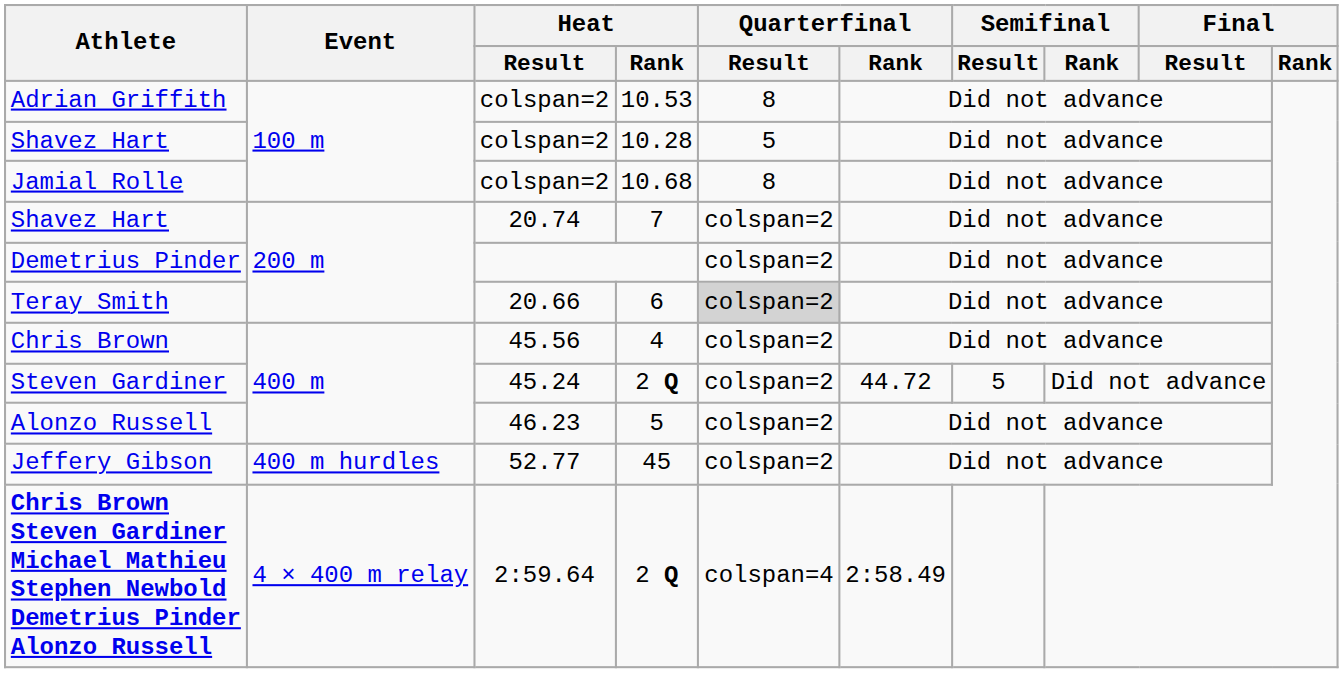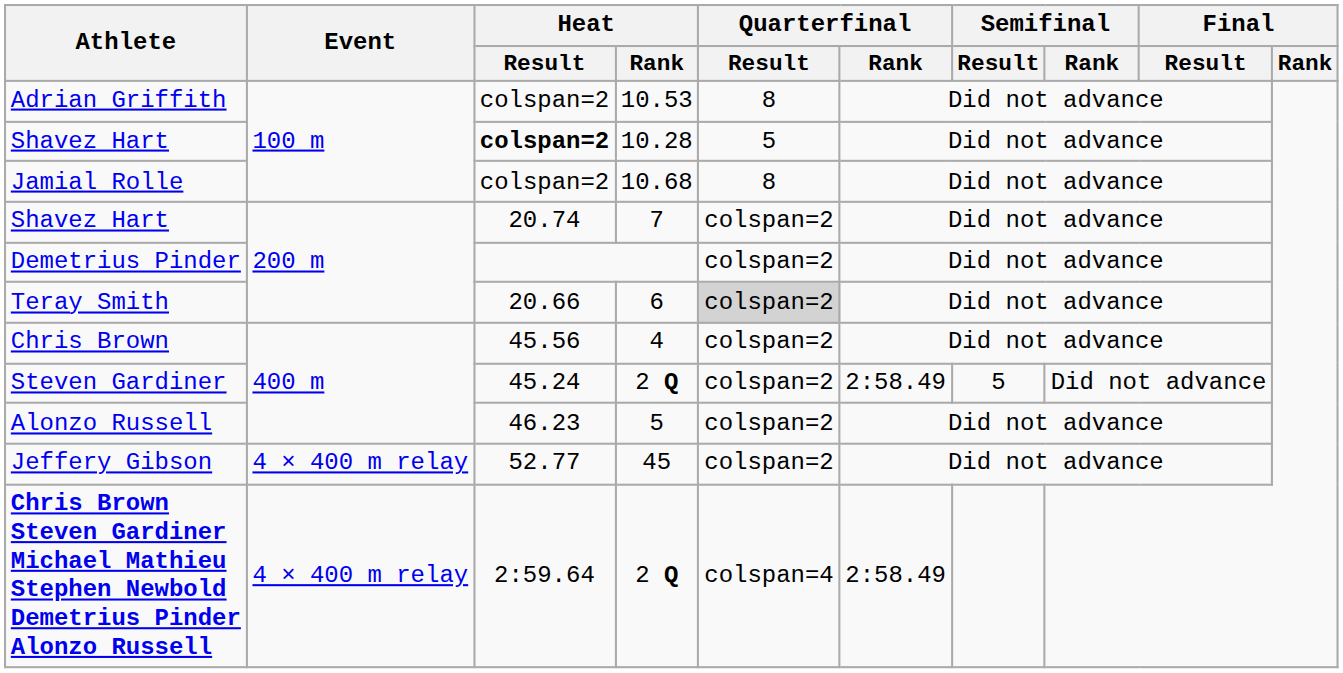 <table class="wikitable" style="font-size:90%">
 <tr>
 <th rowspan="2">Athlete</th>
 <th rowspan="2">Event</th>
 <th colspan="2">Heat</th>
 <th colspan="2">Quarterfinal</th>
 <th colspan="2">Semifinal</th>
 <th colspan="2">Final</th>
 </tr>
 <tr style="font-size:95%">
 <th>Result</th>
 <th>Rank</th>
 <th>Result</th>
 <th>Rank</th>
 <th>Result</th>
 <th>Rank</th>
 <th>Result</th>
 <th>Rank</th>
 </tr>
 <tr align=center>
 <td align=left><a href='#'>Adrian Griffith</a></td>
 <td align=left rowspan=3><a href='#'>100 m</a></td>
 <td>colspan=2 </td>
 <td>10.53</td>
 <td>8</td>
 <td colspan=4>Did not advance</td>
 </tr>
 <tr align=center>
 <td align=left><a href='#'>Shavez Hart</a></td>
-<td>colspan=2 </td>
+<td><strong>colspan=2 </strong></td>
 <td>10.28</td>
 <td>5</td>
 <td colspan=4>Did not advance</td>
 </tr>
 <tr align=center>
 <td align=left><a href='#'>Jamial Rolle</a></td>
 <td>colspan=2 </td>
 <td>10.68</td>
 <td>8</td>
 <td colspan=4>Did not advance</td>
 </tr>
 <tr align=center>
 <td align=left><a href='#'>Shavez Hart</a></td>
 <td align=left rowspan=3><a href='#'>200 m</a></td>
 <td>20.74</td>
 <td>7</td>
 <td>colspan=2 </td>
 <td colspan=4>Did not advance</td>
 </tr>
 <tr align=center>
 <td align=left><a href='#'>Demetrius Pinder</a></td>
 <td colspan=2></td>
 <td>colspan=2 </td>
 <td colspan=4>Did not advance</td>
 </tr>
 <tr align=center>
 <td align=left><a href='#'>Teray Smith</a></td>
 <td>20.66</td>
 <td>6</td>
 <td style="background: lightgrey;">colspan=2 </td>
 <td colspan=4>Did not advance</td>
 </tr>
 <tr align=center>
 <td align=left><a href='#'>Chris Brown</a></td>
 <td align=left rowspan=3><a href='#'>400 m</a></td>
 <td>45.56</td>
 <td>4</td>
 <td>colspan=2 </td>
 <td colspan=4>Did not advance</td>
 </tr>
 <tr align=center>
 <td align=left><a href='#'>Steven Gardiner</a></td>
 <td>45.24</td>
 <td>2 <strong>Q</strong></td>
 <td>colspan=2 </td>
-<td>44.72</td>
+<td>2:58.49</td>
 <td>5</td>
 <td colspan=2>Did not advance</td>
 </tr>
 <tr align=center>
 <td align=left><a href='#'>Alonzo Russell</a></td>
 <td>46.23</td>
 <td>5</td>
 <td>colspan=2 </td>
 <td colspan=4>Did not advance</td>
 </tr>
 <tr align=center>
 <td align=left><a href='#'>Jeffery Gibson</a></td>
-<td align=left><a href='#'>400 m hurdles</a></td>
+<td align=left><a href='#'>4 × 400 m relay</a></td>
 <td>52.77</td>
 <td>45</td>
 <td>colspan=2 </td>
 <td colspan=4>Did not advance</td>
 </tr>
 <tr align=center>
 <td align=left><strong><a href='#'>Chris Brown</a><br><a href='#'>Steven Gardiner</a><br><a href='#'>Michael Mathieu</a><br><a href='#'>Stephen Newbold</a><br><a href='#'>Demetrius Pinder</a><br><a href='#'>Alonzo Russell</a></strong></td>
 <td align=left><a href='#'>4 × 400 m relay</a></td>
 <td>2:59.64</td>
 <td>2 <strong>Q</strong></td>
 <td>colspan=4 </td>
 <td>2:58.49</td>
 <td></td>
 </tr>
 </table>
